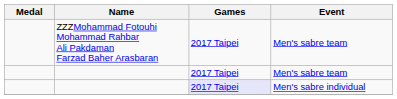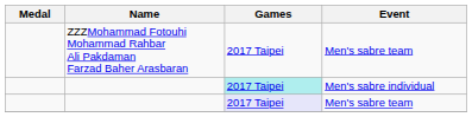 <table class="wikitable sortable" style="font-size:90%">
 <tr>
 <th width="70">Medal</th>
 <th width="200">Name</th>
 <th width="120">Games</th>
 <th width="180">Event</th>
 </tr>
 <tr>
 <td></td>
 <td><span>ZZZ</span><a href='#'>Mohammad Fotouhi</a><br><a href='#'>Mohammad Rahbar</a><br><a href='#'>Ali Pakdaman</a><br><a href='#'>Farzad Baher Arasbaran</a></td>
 <td><a href='#'>2017 Taipei</a></td>
 <td><a href='#'>Men's sabre team</a></td>
 </tr>
 <tr>
 <td></td>
 <td></td>
-<td><a href='#'>2017 Taipei</a></td>
-<td><a href='#'>Men's sabre team</a></td>
+<td style="background: paleturquoise;"><a href='#'>2017 Taipei</a></td>
+<td><a href='#'>Men's sabre individual</a></td>
 </tr>
 <tr>
 <td></td>
 <td></td>
 <td style="background: lavender;"><a href='#'>2017 Taipei</a></td>
-<td><a href='#'>Men's sabre individual</a></td>
+<td><a href='#'>Men's sabre team</a></td>
 </tr>
 <tr>
 </tr>
 </table>
